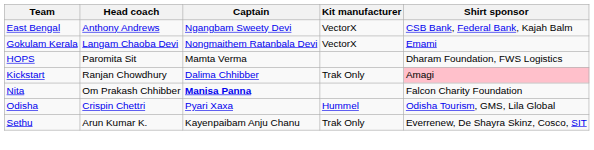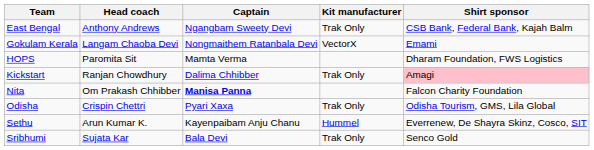 <table class="wikitable sortable" style="text-align: left">
 <tr>
 <th scope=col>Team</th>
 <th scope=col>Head coach</th>
 <th scope=col>Captain</th>
 <th scope=col>Kit manufacturer</th>
 <th scope=col>Shirt sponsor</th>
 </tr>
 <tr>
 <td><a href='#'>East Bengal</a></td>
 <td> <a href='#'>Anthony Andrews</a></td>
 <td> <a href='#'>Ngangbam Sweety Devi</a></td>
-<td>VectorX</td>
+<td>Trak Only</td>
 <td><a href='#'>CSB Bank</a>, <a href='#'>Federal Bank</a>, Kajah Balm</td>
 </tr>
 <tr>
 <td><a href='#'>Gokulam Kerala</a></td>
 <td> <a href='#'>Langam Chaoba Devi</a></td>
 <td> <a href='#'>Nongmaithem Ratanbala Devi</a></td>
 <td>VectorX</td>
 <td><a href='#'>Emami</a></td>
 </tr>
 <tr>
 <td><a href='#'>HOPS</a></td>
 <td> Paromita Sit</td>
 <td> Mamta Verma</td>
 <td></td>
 <td>Dharam Foundation, FWS Logistics</td>
 </tr>
 <tr>
 <td><a href='#'>Kickstart</a></td>
 <td> Ranjan Chowdhury</td>
 <td> <a href='#'>Dalima Chhibber</a></td>
 <td>Trak Only</td>
 <td style="background: pink;">Amagi</td>
 </tr>
 <tr>
 <td><a href='#'>Nita</a></td>
 <td> Om Prakash Chhibber</td>
 <td><strong> <a href='#'>Manisa Panna</a></strong></td>
 <td></td>
 <td>Falcon Charity Foundation</td>
 </tr>
 <tr>
 <td><a href='#'>Odisha</a></td>
 <td> <a href='#'>Crispin Chettri</a></td>
 <td> <a href='#'>Pyari Xaxa</a></td>
-<td><a href='#'>Hummel</a></td>
+<td>Trak Only</td>
 <td><a href='#'>Odisha Tourism</a>, GMS, Lila Global</td>
 </tr>
 <tr>
 <td><a href='#'>Sethu</a></td>
 <td> Arun Kumar K.</td>
 <td> Kayenpaibam Anju Chanu</td>
-<td>Trak Only</td>
+<td><a href='#'>Hummel</a></td>
 <td>Everrenew, De Shayra Skinz, Cosco, <a href='#'>SIT</a></td>
 </tr>
+<tr>
+<td><a href='#'>Sribhumi</a></td>
+<td> <a href='#'>Sujata Kar</a></td>
+<td> <a href='#'>Bala Devi</a></td>
+<td>Trak Only</td>
+<td>Senco Gold</td>
+</tr>
 </table>
